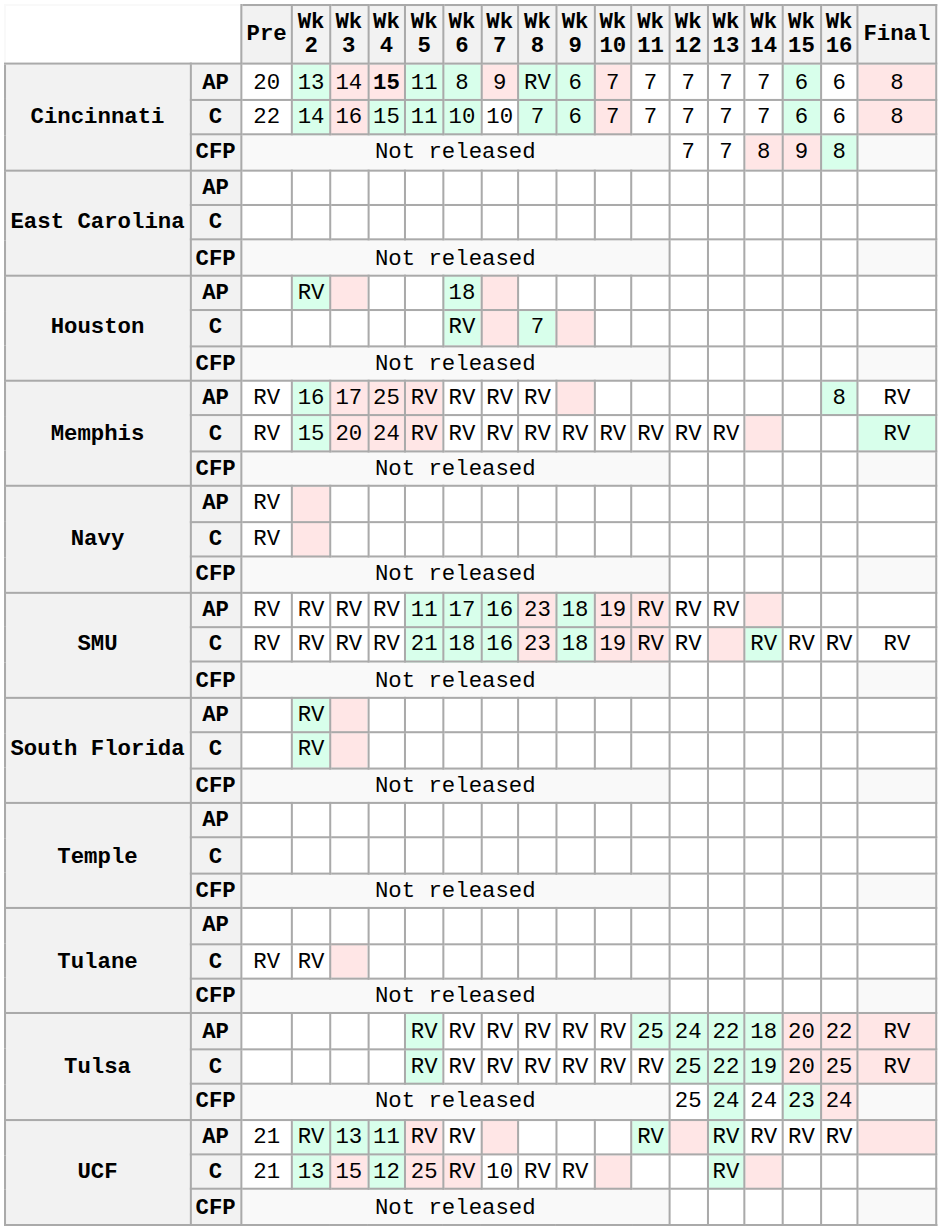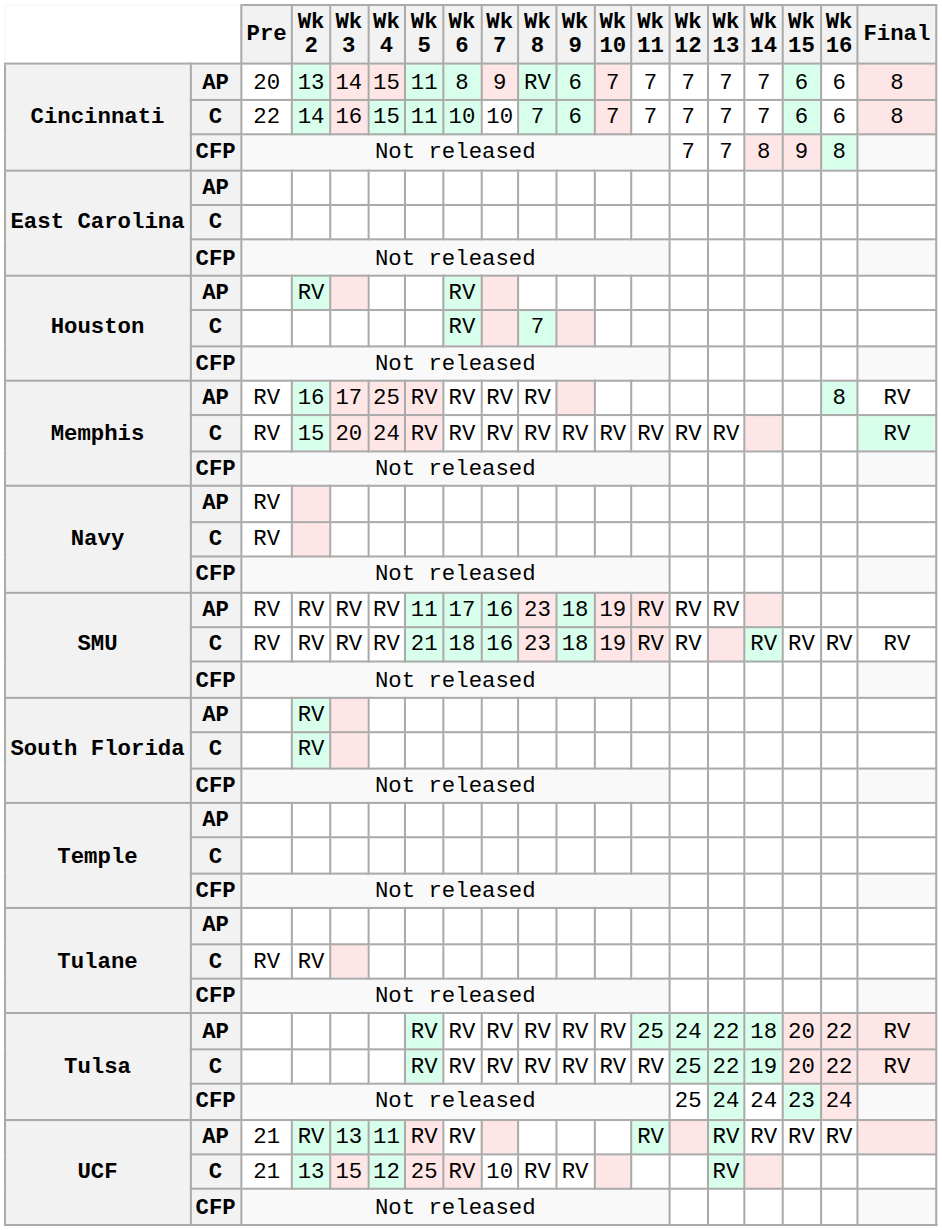 <table class="wikitable" style="white-space:nowrap;font-size:85%;">
 <tr>
 <th colspan=2 style="background:white; border-top-style:hidden; border-left-style:hidden;"> </th>
 <th>Pre</th>
 <th>Wk<br>2</th>
 <th>Wk<br>3</th>
 <th>Wk<br>4</th>
 <th>Wk<br>5</th>
 <th>Wk<br>6</th>
 <th>Wk<br>7</th>
 <th>Wk<br>8</th>
 <th>Wk<br>9</th>
 <th>Wk<br>10</th>
 <th>Wk<br>11</th>
 <th>Wk<br>12</th>
 <th>Wk<br>13</th>
 <th>Wk<br>14</th>
 <th>Wk<br>15</th>
 <th>Wk<br>16</th>
 <th>Final</th>
 </tr>
 <tr style="text-align:center;">
 <th rowspan=3>Cincinnati</th>
 <th>AP</th>
 <td style="background:#FFF;">20</td>
 <td style="background:#d8ffeb;">13</td>
 <td style="background:#FFe6e6;">14</td>
-<td style="background:#FFe6e6;"><strong>15</strong></td>
+<td style="background:#FFe6e6;">15</td>
 <td style="background:#d8ffeb;">11</td>
 <td style="background:#d8ffeb;">8</td>
 <td style="background:#FFe6e6;">9</td>
 <td style="background:#d8ffeb;">RV</td>
 <td style="background:#d8ffeb;">6</td>
 <td style="background:#FFe6e6;">7</td>
 <td style="background:#FFF;">7</td>
 <td style="background:#FFF;">7</td>
 <td style="background:#FFF;">7</td>
 <td style="background:#FFF;">7</td>
 <td style="background:#d8ffeb;">6</td>
 <td style="background:#FFF;">6</td>
 <td style="background:#FFe6e6;">8</td>
 </tr>
 <tr style="text-align:center;">
 <th>C</th>
 <td style="background:#FFF;">22</td>
 <td style="background:#d8ffeb;">14</td>
 <td style="background:#FFe6e6;">16</td>
 <td style="background:#d8ffeb;">15</td>
 <td style="background:#d8ffeb;">11</td>
 <td style="background:#d8ffeb;">10</td>
 <td style="background:#FFF;">10</td>
 <td style="background:#d8ffeb;">7</td>
 <td style="background:#d8ffeb;">6</td>
 <td style="background:#FFe6e6;">7</td>
 <td style="background:#FFF;">7</td>
 <td style="background:#FFF;">7</td>
 <td style="background:#FFF;">7</td>
 <td style="background:#FFF;">7</td>
 <td style="background:#d8ffeb;">6</td>
 <td style="background:#FFF;">6</td>
 <td style="background:#FFe6e6;">8</td>
 </tr>
 <tr style="text-align:center;">
 <th>CFP</th>
 <td colspan="11" style="text-align:center;">Not released</td>
 <td style="background:#FFF;">7</td>
 <td style="background:#FFF;">7</td>
 <td style="background:#FFe6e6;">8</td>
 <td style="background:#FFe6e6;">9</td>
 <td style="background:#d8ffeb;">8</td>
 <td style="text-align:center;"></td>
 </tr>
 <tr style="text-align:center;">
 <th rowspan=3>East Carolina</th>
 <th>AP</th>
 <td style="background:#FFF;"></td>
 <td style="background:#FFF;"></td>
 <td style="background:#FFF;"></td>
 <td style="background:#FFF;"></td>
 <td style="background:#FFF;"></td>
 <td style="background:#FFF;"></td>
 <td style="background:#FFF;"></td>
 <td style="background:#FFF;"></td>
 <td style="background:#FFF;"></td>
 <td style="background:#FFF;"></td>
 <td style="background:#FFF;"></td>
 <td style="background:#FFF;"></td>
 <td style="background:#FFF;"></td>
 <td style="background:#FFF;"></td>
 <td style="background:#FFF;"></td>
 <td style="background:#FFF;"></td>
 <td style="background:#FFF;"></td>
 </tr>
 <tr style="text-align:center;">
 <th>C</th>
 <td style="background:#FFF;"></td>
 <td style="background:#FFF;"></td>
 <td style="background:#FFF;"></td>
 <td style="background:#FFF;"></td>
 <td style="background:#FFF;"></td>
 <td style="background:#FFF;"></td>
 <td style="background:#FFF;"></td>
 <td style="background:#FFF;"></td>
 <td style="background:#FFF;"></td>
 <td style="background:#FFF;"></td>
 <td style="background:#FFF;"></td>
 <td style="background:#FFF;"></td>
 <td style="background:#FFF;"></td>
 <td style="background:#FFF;"></td>
 <td style="background:#FFF;"></td>
 <td style="background:#FFF;"></td>
 <td style="background:#FFF;"></td>
 </tr>
 <tr style="text-align:center;">
 <th>CFP</th>
 <td colspan="11" style="text-align:center;">Not released</td>
 <td style="background:#FFF;"></td>
 <td style="background:#FFF;"></td>
 <td style="background:#FFF;"></td>
 <td style="background:#FFF;"></td>
 <td style="background:#FFF;"></td>
 <td style="text-align:center;"></td>
 </tr>
 <tr style="text-align:center;">
 <th rowspan=3>Houston</th>
 <th>AP</th>
 <td style="background:#FFF;"></td>
 <td style="background:#d8ffeb;">RV</td>
 <td style="background:#FFe6e6;"></td>
 <td style="background:#FFF;"></td>
 <td style="background:#FFF;"></td>
-<td style="background:#d8ffeb;">18</td>
+<td style="background:#d8ffeb;">RV</td>
 <td style="background:#FFe6e6;"></td>
 <td style="background:#FFF;"></td>
 <td style="background:#FFF;"></td>
 <td style="background:#FFF;"></td>
 <td style="background:#FFF;"></td>
 <td style="background:#FFF;"></td>
 <td style="background:#FFF;"></td>
 <td style="background:#FFF;"></td>
 <td style="background:#FFF;"></td>
 <td style="background:#FFF;"></td>
 <td style="background:#FFF;"></td>
 </tr>
 <tr style="text-align:center;">
 <th>C</th>
 <td style="background:#FFF;"></td>
 <td style="background:#FFF;"></td>
 <td style="background:#FFF;"></td>
 <td style="background:#FFF;"></td>
 <td style="background:#FFF;"></td>
 <td style="background:#d8ffeb;">RV</td>
 <td style="background:#FFe6e6;"></td>
 <td style="background:#d8ffeb;">7</td>
 <td style="background:#FFe6e6;"></td>
 <td style="background:#FFF;"></td>
 <td style="background:#FFF;"></td>
 <td style="background:#FFF;"></td>
 <td style="background:#FFF;"></td>
 <td style="background:#FFF;"></td>
 <td style="background:#FFF;"></td>
 <td style="background:#FFF;"></td>
 <td style="background:#FFF;"></td>
 </tr>
 <tr style="text-align:center;">
 <th>CFP</th>
 <td colspan="11" style="text-align:center;">Not released</td>
 <td style="background:#FFF;"></td>
 <td style="background:#FFF;"></td>
 <td style="background:#FFF;"></td>
 <td style="background:#FFF;"></td>
 <td style="background:#FFF;"></td>
 <td style="text-align:center;"></td>
 </tr>
 <tr style="text-align:center;">
 <th rowspan=3>Memphis</th>
 <th>AP</th>
 <td style="background:#FFF;">RV</td>
 <td style="background:#d8ffeb;">16</td>
 <td style="background:#FFe6e6;">17</td>
 <td style="background:#FFe6e6;">25</td>
 <td style="background:#FFe6e6;">RV</td>
 <td style="background:#FFF;">RV</td>
 <td style="background:#FFF;">RV</td>
 <td style="background:#FFF;">RV</td>
 <td style="background:#FFe6e6;"></td>
 <td style="background:#FFF;"></td>
 <td style="background:#FFF;"></td>
 <td style="background:#FFF;"></td>
 <td style="background:#FFF;"></td>
 <td style="background:#FFF;"></td>
 <td style="background:#FFF;"></td>
 <td style="background:#d8ffeb;">8</td>
 <td style="background:#FFF;">RV</td>
 </tr>
 <tr style="text-align:center;">
 <th>C</th>
 <td style="background:#FFF;">RV</td>
 <td style="background:#d8ffeb;">15</td>
 <td style="background:#FFe6e6;">20</td>
 <td style="background:#FFe6e6;">24</td>
 <td style="background:#FFe6e6;">RV</td>
 <td style="background:#FFF;">RV</td>
 <td style="background:#FFF;">RV</td>
 <td style="background:#FFF;">RV</td>
 <td style="background:#FFF;">RV</td>
 <td style="background:#FFF;">RV</td>
 <td style="background:#FFF;">RV</td>
 <td style="background:#FFF;">RV</td>
 <td style="background:#FFF;">RV</td>
 <td style="background:#FFe6e6;"></td>
 <td style="background:#FFF;"></td>
 <td style="background:#FFF;"></td>
 <td style="background:#d8ffeb;">RV</td>
 </tr>
 <tr style="text-align:center;">
 <th>CFP</th>
 <td colspan="11" style="text-align:center;">Not released</td>
 <td style="background:#FFF;"></td>
 <td style="background:#FFF;"></td>
 <td style="background:#FFF;"></td>
 <td style="background:#FFF;"></td>
 <td style="background:#FFF;"></td>
 <td style="text-align:center;"></td>
 </tr>
 <tr style="text-align:center;">
 <th rowspan=3>Navy</th>
 <th>AP</th>
 <td style="background:#FFF;">RV</td>
 <td style="background:#FFe6e6;"></td>
 <td style="background:#FFF;"></td>
 <td style="background:#FFF;"></td>
 <td style="background:#FFF;"></td>
 <td style="background:#FFF;"></td>
 <td style="background:#FFF;"></td>
 <td style="background:#FFF;"></td>
 <td style="background:#FFF;"></td>
 <td style="background:#FFF;"></td>
 <td style="background:#FFF;"></td>
 <td style="background:#FFF;"></td>
 <td style="background:#FFF;"></td>
 <td style="background:#FFF;"></td>
 <td style="background:#FFF;"></td>
 <td style="background:#FFF;"></td>
 <td style="background:#FFF;"></td>
 </tr>
 <tr style="text-align:center;">
 <th>C</th>
 <td style="background:#FFF;">RV</td>
 <td style="background:#FFe6e6;"></td>
 <td style="background:#FFF;"></td>
 <td style="background:#FFF;"></td>
 <td style="background:#FFF;"></td>
 <td style="background:#FFF;"></td>
 <td style="background:#FFF;"></td>
 <td style="background:#FFF;"></td>
 <td style="background:#FFF;"></td>
 <td style="background:#FFF;"></td>
 <td style="background:#FFF;"></td>
 <td style="background:#FFF;"></td>
 <td style="background:#FFF;"></td>
 <td style="background:#FFF;"></td>
 <td style="background:#FFF;"></td>
 <td style="background:#FFF;"></td>
 <td style="background:#FFF;"></td>
 </tr>
 <tr style="text-align:center;">
 <th>CFP</th>
 <td colspan="11" style="text-align:center;">Not released</td>
 <td style="background:#FFF;"></td>
 <td style="background:#FFF;"></td>
 <td style="background:#FFF;"></td>
 <td style="background:#FFF;"></td>
 <td style="background:#FFF;"></td>
 <td style="text-align:center;"></td>
 </tr>
 <tr style="text-align:center;">
 <th rowspan=3>SMU</th>
 <th>AP</th>
 <td style="background:#FFF;">RV</td>
 <td style="background:#FFF;">RV</td>
 <td style="background:#FFF;">RV</td>
 <td style="background:#FFF;">RV</td>
 <td style="background:#d8ffeb;">11</td>
 <td style="background:#d8ffeb;">17</td>
 <td style="background:#d8ffeb;">16</td>
 <td style="background:#FFe6e6;">23</td>
 <td style="background:#d8ffeb;">18</td>
 <td style="background:#FFe6e6;">19</td>
 <td style="background:#FFe6e6;">RV</td>
 <td style="background:#FFF;">RV</td>
 <td style="background:#FFF;">RV</td>
 <td style="background:#FFe6e6;"></td>
 <td style="background:#FFF;"></td>
 <td style="background:#FFF;"></td>
 <td style="background:#FFF;"></td>
 </tr>
 <tr style="text-align:center;">
 <th>C</th>
 <td style="background:#FFF;">RV</td>
 <td style="background:#FFF;">RV</td>
 <td style="background:#FFF;">RV</td>
 <td style="background:#FFF;">RV</td>
 <td style="background:#d8ffeb;">21</td>
 <td style="background:#d8ffeb;">18</td>
 <td style="background:#d8ffeb;">16</td>
 <td style="background:#FFe6e6;">23</td>
 <td style="background:#d8ffeb;">18</td>
 <td style="background:#FFe6e6;">19</td>
 <td style="background:#FFe6e6;">RV</td>
 <td style="background:#FFF;">RV</td>
 <td style="background:#FFe6e6;"></td>
 <td style="background:#d8ffeb;">RV</td>
 <td style="background:#FFF;">RV</td>
 <td style="background:#FFF;">RV</td>
 <td style="background:#FFF;">RV</td>
 </tr>
 <tr style="text-align:center;">
 <th>CFP</th>
 <td colspan="11" style="text-align:center;">Not released</td>
 <td style="background:#FFF;"></td>
 <td style="background:#FFF;"></td>
 <td style="background:#FFF;"></td>
 <td style="background:#FFF;"></td>
 <td style="background:#FFF;"></td>
 <td style="text-align:center;"></td>
 </tr>
 <tr style="text-align:center;">
 <th rowspan=3>South Florida</th>
 <th>AP</th>
 <td style="background:#FFF;"></td>
 <td style="background:#d8ffeb;">RV</td>
 <td style="background:#FFe6e6;"></td>
 <td style="background:#FFF;"></td>
 <td style="background:#FFF;"></td>
 <td style="background:#FFF;"></td>
 <td style="background:#FFF;"></td>
 <td style="background:#FFF;"></td>
 <td style="background:#FFF;"></td>
 <td style="background:#FFF;"></td>
 <td style="background:#FFF;"></td>
 <td style="background:#FFF;"></td>
 <td style="background:#FFF;"></td>
 <td style="background:#FFF;"></td>
 <td style="background:#FFF;"></td>
 <td style="background:#FFF;"></td>
 <td style="background:#FFF;"></td>
 </tr>
 <tr style="text-align:center;">
 <th>C</th>
 <td style="background:#FFF;"></td>
 <td style="background:#d8ffeb;">RV</td>
 <td style="background:#FFe6e6;"></td>
 <td style="background:#FFF;"></td>
 <td style="background:#FFF;"></td>
 <td style="background:#FFF;"></td>
 <td style="background:#FFF;"></td>
 <td style="background:#FFF;"></td>
 <td style="background:#FFF;"></td>
 <td style="background:#FFF;"></td>
 <td style="background:#FFF;"></td>
 <td style="background:#FFF;"></td>
 <td style="background:#FFF;"></td>
 <td style="background:#FFF;"></td>
 <td style="background:#FFF;"></td>
 <td style="background:#FFF;"></td>
 <td style="background:#FFF;"></td>
 </tr>
 <tr style="text-align:center;">
 <th>CFP</th>
 <td colspan="11" style="text-align:center;">Not released</td>
 <td style="background:#FFF;"></td>
 <td style="background:#FFF;"></td>
 <td style="background:#FFF;"></td>
 <td style="background:#FFF;"></td>
 <td style="background:#FFF;"></td>
 <td style="text-align:center;"></td>
 </tr>
 <tr style="text-align:center;">
 <th rowspan=3>Temple</th>
 <th>AP</th>
 <td style="background:#FFF;"></td>
 <td style="background:#FFF;"></td>
 <td style="background:#FFF;"></td>
 <td style="background:#FFF;"></td>
 <td style="background:#FFF;"></td>
 <td style="background:#FFF;"></td>
 <td style="background:#FFF;"></td>
 <td style="background:#FFF;"></td>
 <td style="background:#FFF;"></td>
 <td style="background:#FFF;"></td>
 <td style="background:#FFF;"></td>
 <td style="background:#FFF;"></td>
 <td style="background:#FFF;"></td>
 <td style="background:#FFF;"></td>
 <td style="background:#FFF;"></td>
 <td style="background:#FFF;"></td>
 <td style="background:#FFF;"></td>
 </tr>
 <tr style="text-align:center;">
 <th>C</th>
 <td style="background:#FFF;"></td>
 <td style="background:#FFF;"></td>
 <td style="background:#FFF;"></td>
 <td style="background:#FFF;"></td>
 <td style="background:#FFF;"></td>
 <td style="background:#FFF;"></td>
 <td style="background:#FFF;"></td>
 <td style="background:#FFF;"></td>
 <td style="background:#FFF;"></td>
 <td style="background:#FFF;"></td>
 <td style="background:#FFF;"></td>
 <td style="background:#FFF;"></td>
 <td style="background:#FFF;"></td>
 <td style="background:#FFF;"></td>
 <td style="background:#FFF;"></td>
 <td style="background:#FFF;"></td>
 <td style="background:#FFF;"></td>
 </tr>
 <tr style="text-align:center;">
 <th>CFP</th>
 <td colspan="11" style="text-align:center;">Not released</td>
 <td style="background:#FFF;"></td>
 <td style="background:#FFF;"></td>
 <td style="background:#FFF;"></td>
 <td style="background:#FFF;"></td>
 <td style="background:#FFF;"></td>
 <td style="text-align:center;"></td>
 </tr>
 <tr style="text-align:center;">
 <th rowspan=3>Tulane</th>
 <th>AP</th>
 <td style="background:#FFF;"></td>
 <td style="background:#FFF;"></td>
 <td style="background:#FFF;"></td>
 <td style="background:#FFF;"></td>
 <td style="background:#FFF;"></td>
 <td style="background:#FFF;"></td>
 <td style="background:#FFF;"></td>
 <td style="background:#FFF;"></td>
 <td style="background:#FFF;"></td>
 <td style="background:#FFF;"></td>
 <td style="background:#FFF;"></td>
 <td style="background:#FFF;"></td>
 <td style="background:#FFF;"></td>
 <td style="background:#FFF;"></td>
 <td style="background:#FFF;"></td>
 <td style="background:#FFF;"></td>
 <td style="background:#FFF;"></td>
 </tr>
 <tr style="text-align:center;">
 <th>C</th>
 <td style="background:#FFF;">RV</td>
 <td style="background:#FFF;">RV</td>
 <td style="background:#FFe6e6;"></td>
 <td style="background:#FFF;"></td>
 <td style="background:#FFF;"></td>
 <td style="background:#FFF;"></td>
 <td style="background:#FFF;"></td>
 <td style="background:#FFF;"></td>
 <td style="background:#FFF;"></td>
 <td style="background:#FFF;"></td>
 <td style="background:#FFF;"></td>
 <td style="background:#FFF;"></td>
 <td style="background:#FFF;"></td>
 <td style="background:#FFF;"></td>
 <td style="background:#FFF;"></td>
 <td style="background:#FFF;"></td>
 <td style="background:#FFF;"></td>
 </tr>
 <tr style="text-align:center;">
 <th>CFP</th>
 <td colspan="11" style="text-align:center;">Not released</td>
 <td style="background:#FFF;"></td>
 <td style="background:#FFF;"></td>
 <td style="background:#FFF;"></td>
 <td style="background:#FFF;"></td>
 <td style="background:#FFF;"></td>
 <td style="text-align:center;"></td>
 </tr>
 <tr style="text-align:center;">
 <th rowspan=3>Tulsa</th>
 <th>AP</th>
 <td style="background:#FFF;"></td>
 <td style="background:#FFF;"></td>
 <td style="background:#FFF;"></td>
 <td style="background:#FFF;"></td>
 <td style="background:#d8ffeb;">RV</td>
 <td style="background:#FFF;">RV</td>
 <td style="background:#FFF;">RV</td>
 <td style="background:#FFF;">RV</td>
 <td style="background:#FFF;">RV</td>
 <td style="background:#FFF;">RV</td>
 <td style="background:#d8ffeb;">25</td>
 <td style="background:#d8ffeb;">24</td>
 <td style="background:#d8ffeb;">22</td>
 <td style="background:#d8ffeb;">18</td>
 <td style="background:#FFe6e6;">20</td>
 <td style="background:#FFe6e6;">22</td>
 <td style="background:#FFe6e6;">RV</td>
 </tr>
 <tr style="text-align:center;">
 <th>C</th>
 <td style="background:#FFF;"></td>
 <td style="background:#FFF;"></td>
 <td style="background:#FFF;"></td>
 <td style="background:#FFF;"></td>
 <td style="background:#d8ffeb;">RV</td>
 <td style="background:#FFF;">RV</td>
 <td style="background:#FFF;">RV</td>
 <td style="background:#FFF;">RV</td>
 <td style="background:#FFF;">RV</td>
 <td style="background:#FFF;">RV</td>
 <td style="background:#FFF;">RV</td>
 <td style="background:#d8ffeb;">25</td>
 <td style="background:#d8ffeb;">22</td>
 <td style="background:#d8ffeb;">19</td>
 <td style="background:#FFe6e6;">20</td>
-<td style="background:#FFe6e6;">25</td>
+<td style="background:#FFe6e6;">22</td>
 <td style="background:#FFe6e6;">RV</td>
 </tr>
 <tr style="text-align:center;">
 <th>CFP</th>
 <td colspan="11" style="text-align:center;">Not released</td>
 <td style="background:#FFF;">25</td>
 <td style="background:#d8ffeb;">24</td>
 <td style="background:#FFF;">24</td>
 <td style="background:#d8ffeb;">23</td>
 <td style="background:#FFe6e6;">24</td>
 <td style="text-align:center;"></td>
 </tr>
 <tr style="text-align:center;">
 <th rowspan=3>UCF</th>
 <th>AP</th>
 <td style="background:#FFF;">21</td>
 <td style="background:#d8ffeb;">RV</td>
 <td style="background:#d8ffeb;">13</td>
 <td style="background:#d8ffeb;">11</td>
 <td style="background:#FFe6e6;">RV</td>
 <td style="background:#FFF;">RV</td>
 <td style="background:#FFe6e6;"></td>
 <td style="background:#FFF;"></td>
 <td style="background:#FFF;"></td>
 <td style="background:#FFF;"></td>
 <td style="background:#d8ffeb;">RV</td>
 <td style="background:#FFe6e6;"></td>
 <td style="background:#d8ffeb;">RV</td>
 <td style="background:#FFF;">RV</td>
 <td style="background:#FFF;">RV</td>
 <td style="background:#FFF;">RV</td>
 <td style="background:#FFe6e6;"></td>
 </tr>
 <tr style="text-align:center;">
 <th>C</th>
 <td style="background:#FFF;">21</td>
 <td style="background:#d8ffeb;">13</td>
 <td style="background:#FFe6e6;">15</td>
 <td style="background:#d8ffeb;">12</td>
 <td style="background:#FFe6e6;">25</td>
 <td style="background:#FFe6e6;">RV</td>
 <td style="background:#FFF;">10</td>
 <td style="background:#FFF;">RV</td>
 <td style="background:#FFF;">RV</td>
 <td style="background:#FFe6e6;"></td>
 <td style="background:#FFF;"></td>
 <td style="background:#FFF;"></td>
 <td style="background:#d8ffeb;">RV</td>
 <td style="background:#FFe6e6;"></td>
 <td style="background:#FFF;"></td>
 <td style="background:#FFF;"></td>
 <td style="background:#FFF;"></td>
 </tr>
 <tr style="text-align:center;">
 <th>CFP</th>
 <td colspan="11" style="text-align:center;">Not released</td>
 <td style="background:#FFF;"></td>
 <td style="background:#FFF;"></td>
 <td style="background:#FFF;"></td>
 <td style="background:#FFF;"></td>
 <td style="background:#FFF;"></td>
 <td style="text-align:center;"></td>
 </tr>
 <tr style="text-align:center;">
 </tr>
 </table>
